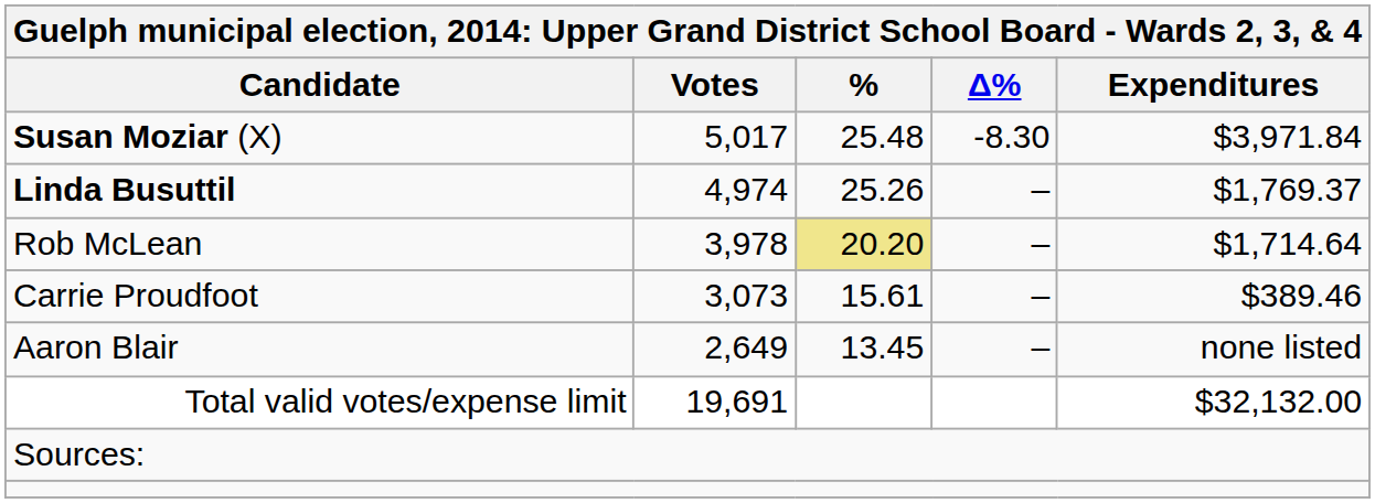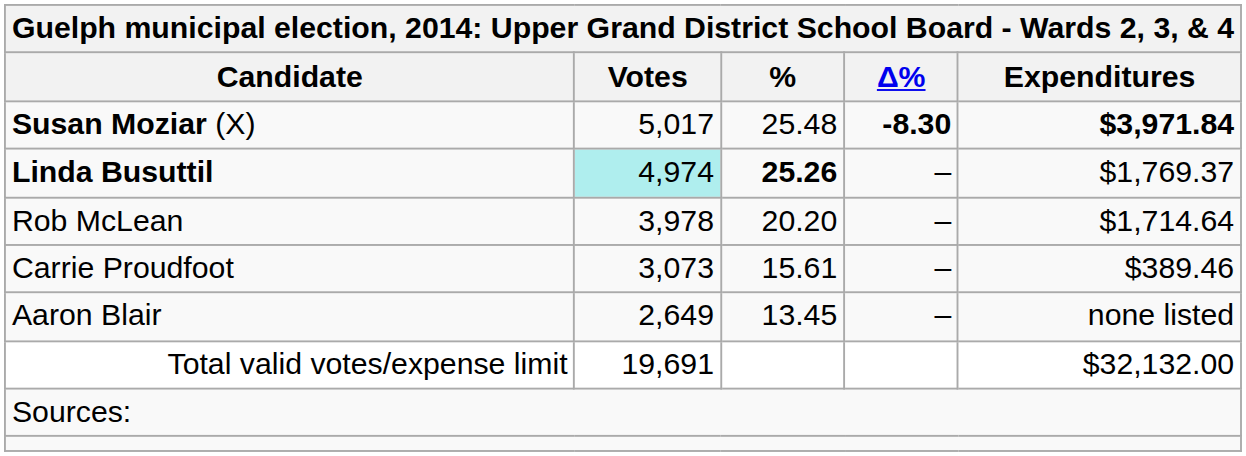 <table class="wikitable collapsible">
 <tr>
 <th colspan="5">Guelph municipal election, 2014: Upper Grand District School Board - Wards 2, 3, & 4</th>
 </tr>
 <tr>
 <th>Candidate</th>
 <th>Votes</th>
 <th>%</th>
 <th><a href='#'>Δ%</a></th>
 <th>Expenditures</th>
 </tr>
 <tr>
 <td><strong>Susan Moziar</strong> (X)</td>
 <td align="right">5,017</td>
 <td align="right">25.48</td>
-<td align="right">-8.30</td>
-<td align="right">$3,971.84</td>
+<td align="right"><strong>-8.30</strong></td>
+<td align="right"><strong>$3,971.84</strong></td>
 </tr>
 <tr>
 <td><strong>Linda Busuttil</strong></td>
-<td align="right">4,974</td>
-<td align="right">25.26</td>
+<td align="right" style="background: paleturquoise;">4,974</td>
+<td align="right"><strong>25.26</strong></td>
 <td align="right">–</td>
 <td align="right">$1,769.37</td>
 </tr>
 <tr>
 <td>Rob McLean</td>
 <td align="right">3,978</td>
-<td align="right" style="background: khaki;">20.20</td>
+<td align="right">20.20</td>
 <td align="right">–</td>
 <td align="right">$1,714.64</td>
 </tr>
 <tr>
 <td>Carrie Proudfoot</td>
 <td align="right">3,073</td>
 <td align="right">15.61</td>
 <td align="right">–</td>
 <td align="right">$389.46</td>
 </tr>
 <tr>
 <td>Aaron Blair</td>
 <td align="right">2,649</td>
 <td align="right">13.45</td>
 <td align="right">–</td>
 <td align="right">none listed</td>
 </tr>
 <tr>
 <td style="text-align:right;background: white;">Total valid votes/expense limit</td>
 <td style="text-align:right;background: white;">19,691</td>
 <td style="text-align:right;background: white;"></td>
 <td style="text-align:right;background: white;"> </td>
 <td style="text-align:right;background: white;">$32,132.00</td>
 </tr>
 <tr>
 <td colspan="5">Sources: </td>
 </tr>
 <tr>
 <td colspan="5"></td>
 </tr>
 </table>
